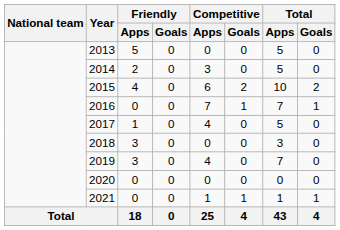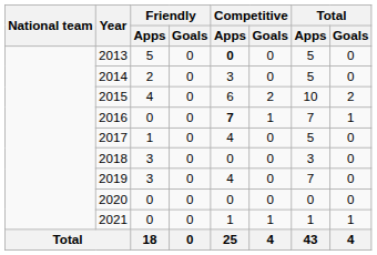 <table class="wikitable" style="text-align:center; font-size:90%;">
 <tr>
 <th rowspan="2">National team</th>
 <th rowspan="2">Year</th>
 <th colspan="2">Friendly</th>
 <th colspan="2">Competitive</th>
 <th colspan="2">Total</th>
 </tr>
 <tr>
 <th>Apps</th>
 <th>Goals</th>
 <th>Apps</th>
 <th>Goals</th>
 <th>Apps</th>
 <th>Goals</th>
 </tr>
 <tr>
 <td rowspan="9" align="left"></td>
 <td>2013</td>
 <td>5</td>
 <td>0</td>
-<td>0</td>
+<td><strong>0</strong></td>
 <td>0</td>
 <td>5</td>
 <td>0</td>
 </tr>
 <tr>
 <td>2014</td>
 <td>2</td>
 <td>0</td>
 <td>3</td>
 <td>0</td>
 <td>5</td>
 <td>0</td>
 </tr>
 <tr>
 <td>2015</td>
 <td>4</td>
 <td>0</td>
 <td>6</td>
 <td>2</td>
 <td>10</td>
 <td>2</td>
 </tr>
 <tr>
 <td>2016</td>
 <td>0</td>
 <td>0</td>
-<td>7</td>
+<td><strong>7</strong></td>
 <td>1</td>
 <td>7</td>
 <td>1</td>
 </tr>
 <tr>
 <td>2017</td>
 <td>1</td>
 <td>0</td>
 <td>4</td>
 <td>0</td>
 <td>5</td>
 <td>0</td>
 </tr>
 <tr>
 <td>2018</td>
 <td>3</td>
 <td>0</td>
 <td>0</td>
 <td>0</td>
 <td>3</td>
 <td>0</td>
 </tr>
 <tr>
 <td>2019</td>
 <td>3</td>
 <td>0</td>
 <td>4</td>
 <td>0</td>
 <td>7</td>
 <td>0</td>
 </tr>
 <tr>
 <td>2020</td>
 <td>0</td>
 <td>0</td>
 <td>0</td>
 <td>0</td>
 <td>0</td>
 <td>0</td>
 </tr>
 <tr>
 <td>2021</td>
 <td>0</td>
 <td>0</td>
 <td>1</td>
 <td>1</td>
 <td>1</td>
 <td>1</td>
 </tr>
 <tr>
 <th colspan="2">Total</th>
 <th>18</th>
 <th>0</th>
 <th>25</th>
 <th>4</th>
 <th>43</th>
 <th>4</th>
 </tr>
 </table>
